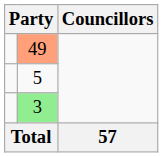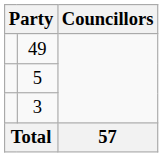 <table class="wikitable">
 <tr>
 <th colspan=2>Party</th>
 <th>Councillors</th>
 </tr>
 <tr>
 <td></td>
-<td align=center style="background: lightsalmon;">49</td>
+<td align=center>49</td>
 </tr>
 <tr>
 <td></td>
 <td align=center>5</td>
 </tr>
 <tr>
 <td></td>
-<td align=center style="background: lightgreen;">3</td>
+<td align=center>3</td>
 </tr>
 <tr>
 <th colspan=2>Total</th>
 <th align=center>57</th>
 </tr>
 </table>
